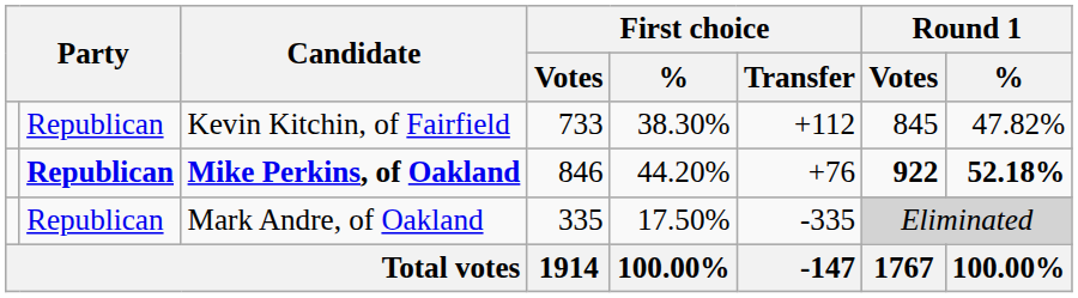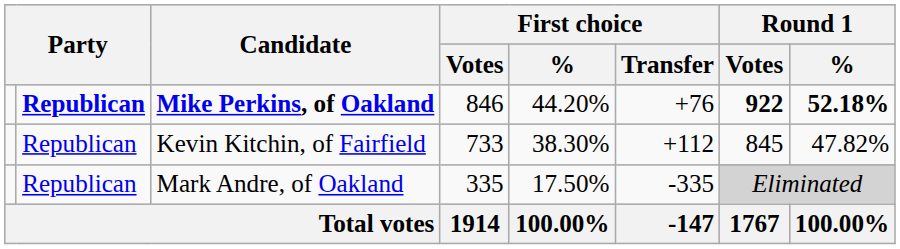 <table class="wikitable">
 <tr>
 <th colspan=2 rowspan=2>Party</th>
 <th rowspan=2>Candidate</th>
 <th colspan=3>First choice</th>
 <th colspan=2>Round 1</th>
 </tr>
 <tr>
 <th>Votes</th>
 <th>%</th>
 <th>Transfer</th>
 <th>Votes</th>
 <th>%</th>
 </tr>
 <tr style="text-align:right;">
 <td style="background-color:"></td>
+<td style="text-align:left;"><strong><a href='#'>Republican</a></strong></td>
+<td style="text-align:left;"><strong><a href='#'>Mike Perkins</a>, of <a href='#'>Oakland</a></strong></td>
+<td>846</td>
+<td>44.20%</td>
+<td>+76</td>
+<td><strong>922</strong></td>
+<td><strong>52.18%</strong></td>
+</tr>
+<tr style="text-align:right;">
+<td style="background-color:"></td>
 <td style="text-align:left;"><a href='#'>Republican</a></td>
 <td style="text-align:left;">Kevin Kitchin, of <a href='#'>Fairfield</a></td>
 <td>733</td>
 <td>38.30%</td>
 <td>+112</td>
 <td>845</td>
 <td>47.82%</td>
-</tr>
-<tr style="text-align:right;">
-<td style="background-color:"></td>
-<td style="text-align:left;"><strong><a href='#'>Republican</a></strong></td>
-<td style="text-align:left;"><strong><a href='#'>Mike Perkins</a>, of <a href='#'>Oakland</a></strong></td>
-<td>846</td>
-<td>44.20%</td>
-<td>+76</td>
-<td><strong>922</strong></td>
-<td><strong>52.18%</strong></td>
 </tr>
 <tr style="text-align:right;">
 <td style="background-color:"></td>
 <td style="text-align:left;"><a href='#'>Republican</a></td>
 <td style="text-align:left;">Mark Andre, of <a href='#'>Oakland</a></td>
 <td>335</td>
 <td>17.50%</td>
 <td>-335</td>
 <td colspan=2 style="background:lightgrey; text-align:center;"><em>Eliminated</em></td>
 </tr>
 <tr style="background-color:#F6F6F6">
 <th colspan=3 style="text-align:right;">Total votes</th>
 <th>1914</th>
 <th>100.00%</th>
 <th style="text-align:right;">-147</th>
 <th>1767</th>
 <th>100.00%</th>
 </tr>
 </table>
